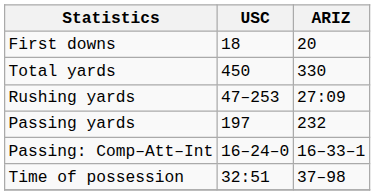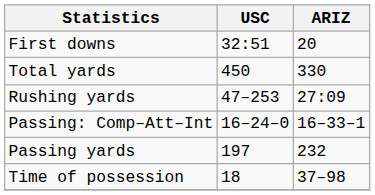 <table class="wikitable" style="float: left;">
 <tr>
 <th>Statistics</th>
 <th>USC</th>
 <th>ARIZ</th>
 </tr>
 <tr>
 <td>First downs</td>
-<td>18</td>
+<td>32:51</td>
 <td>20</td>
 </tr>
 <tr>
 <td>Total yards</td>
 <td>450</td>
 <td>330</td>
 </tr>
 <tr>
 <td>Rushing yards</td>
 <td>47–253</td>
 <td>27:09</td>
 </tr>
 <tr>
+<td>Passing: Comp–Att–Int</td>
+<td>16–24–0</td>
+<td>16–33–1</td>
+</tr>
+<tr>
 <td>Passing yards</td>
 <td>197</td>
 <td>232</td>
 </tr>
 <tr>
-<td>Passing: Comp–Att–Int</td>
-<td>16–24–0</td>
-<td>16–33–1</td>
-</tr>
-<tr>
 <td>Time of possession</td>
-<td>32:51</td>
+<td>18</td>
 <td>37–98</td>
 </tr>
 <tr>
 </tr>
 </table>
